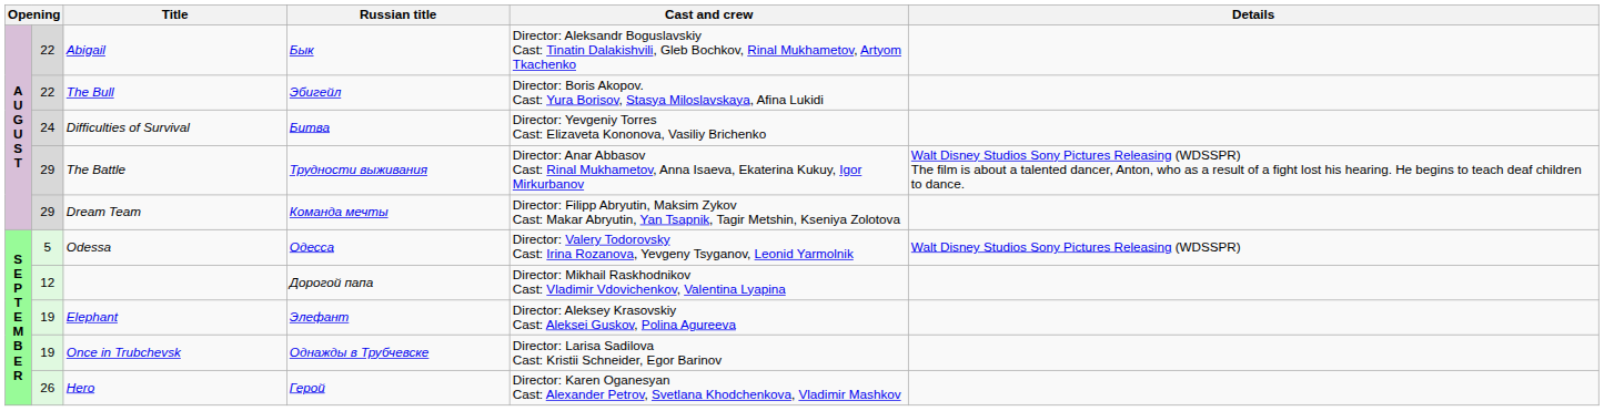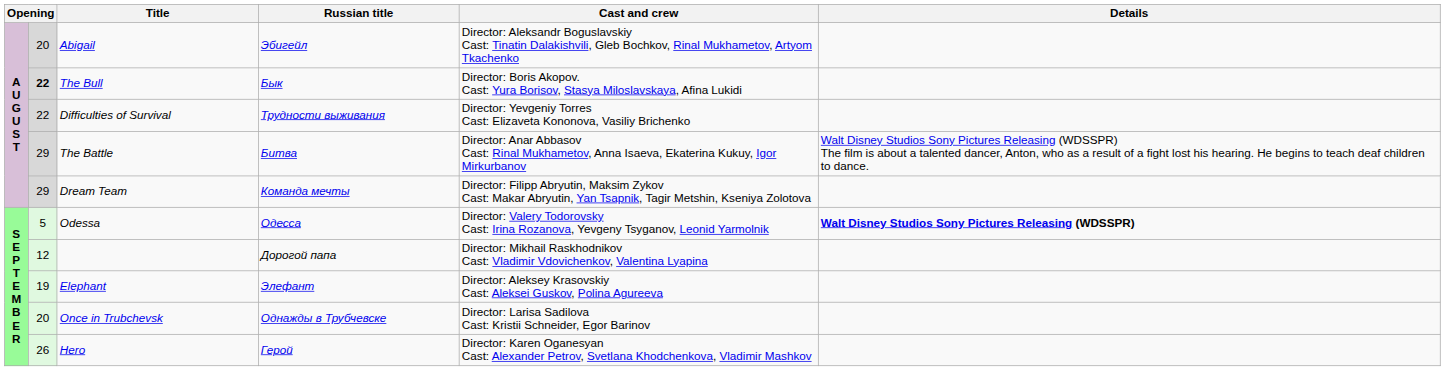 <table class="wikitable">
 <tr>
 <th colspan="2">Opening</th>
 <th style="width:14%;">Title</th>
 <th style="width:14%;">Russian title</th>
 <th style="width:25%;">Cast and crew</th>
 <th>Details</th>
 </tr>
 <tr>
 <th rowspan="5" align="center" style="background:thistle; textcolor:#000;">A<br>U<br>G<br>U<br>S<br>T</th>
-<td align="center" style="background:#d8d8d8;">22</td>
+<td align="center" style="background:#d8d8d8;">20</td>
 <td><em><a href='#'>Abigail</a></em></td>
-<td><em><a href='#'>Бык</a></em></td>
+<td><em><a href='#'>Эбигейл</a></em></td>
 <td>Director: Aleksandr Boguslavskiy <br> Cast: <a href='#'>Tinatin Dalakishvili</a>, Gleb Bochkov, <a href='#'>Rinal Mukhametov</a>, <a href='#'>Artyom Tkachenko</a></td>
 <td> </td>
 </tr>
 <tr>
-<td align="center" style="background:#d8d8d8;">22</td>
+<td align="center" style="background:#d8d8d8;"><strong>22</strong></td>
 <td><em><a href='#'>The Bull</a></em></td>
-<td><em><a href='#'>Эбигейл</a></em></td>
+<td><em><a href='#'>Бык</a></em></td>
 <td>Director: Boris Akopov. <br> Cast: <a href='#'>Yura Borisov</a>, <a href='#'>Stasya Miloslavskaya</a>, Afina Lukidi</td>
 <td></td>
 </tr>
 <tr>
-<td align="center" style="background:#d8d8d8;">24</td>
+<td align="center" style="background:#d8d8d8;">22</td>
 <td><em>Difficulties of Survival</em></td>
-<td><em><a href='#'>Битва</a></em></td>
+<td><em><a href='#'>Трудности выживания</a></em></td>
 <td>Director: Yevgeniy Torres <br> Cast: Elizaveta Kononova, Vasiliy Brichenko</td>
 <td></td>
 </tr>
 <tr>
 <td align="center" style="background:#d8d8d8;">29</td>
 <td><em>The Battle</em></td>
-<td><em><a href='#'>Трудности выживания</a></em></td>
+<td><em><a href='#'>Битва</a></em></td>
 <td>Director: Anar Abbasov <br> Cast: <a href='#'>Rinal Mukhametov</a>, Anna Isaeva, Ekaterina Kukuy, <a href='#'>Igor Mirkurbanov</a></td>
 <td><a href='#'>Walt Disney Studios Sony Pictures Releasing</a> (WDSSPR) <br> The film is about a talented dancer, Anton, who as a result of a fight lost his hearing. He begins to teach deaf children to dance.</td>
 </tr>
 <tr>
 <td align="center" style="background:#d8d8d8;">29</td>
 <td><em>Dream Team</em></td>
 <td><em><a href='#'>Команда мечты</a></em></td>
 <td>Director: Filipp Abryutin, Maksim Zykov <br> Cast: Makar Abryutin, <a href='#'>Yan Tsapnik</a>, Tagir Metshin, Kseniya Zolotova</td>
 <td></td>
 </tr>
 <tr>
 <th rowspan="5" align="center" style="background:#98fb98; textcolor:#000;">S<br>E<br>P<br>T<br>E<br>M<br>B<br>E<br>R</th>
 <td align="center" style="background:#e0f9e0;">5</td>
 <td><em>Odessa</em></td>
 <td><em><a href='#'>Одесса</a></em></td>
 <td>Director: <a href='#'>Valery Todorovsky</a> <br> Cast: <a href='#'>Irina Rozanova</a>, Yevgeny Tsyganov, <a href='#'>Leonid Yarmolnik</a></td>
-<td><a href='#'>Walt Disney Studios Sony Pictures Releasing</a> (WDSSPR)</td>
+<td><strong><a href='#'>Walt Disney Studios Sony Pictures Releasing</a> (WDSSPR)</strong></td>
 </tr>
 <tr>
 <td align="center" style="background:#e0f9e0;">12</td>
 <td></td>
 <td><em>Дорогой папа</em></td>
 <td>Director: Mikhail Raskhodnikov <br> Cast: <a href='#'>Vladimir Vdovichenkov</a>, <a href='#'>Valentina Lyapina</a></td>
 <td></td>
 </tr>
 <tr>
 <td align="center" style="background:#e0f9e0;">19</td>
 <td><em><a href='#'>Elephant</a></em></td>
 <td><em><a href='#'>Элефант</a></em></td>
 <td>Director: Aleksey Krasovskiy <br> Cast: <a href='#'>Aleksei Guskov</a>, <a href='#'>Polina Agureeva</a></td>
 <td></td>
 </tr>
 <tr>
-<td align="center" style="background:#e0f9e0;">19</td>
+<td align="center" style="background:#e0f9e0;">20</td>
 <td><em><a href='#'>Once in Trubchevsk</a></em></td>
 <td><em><a href='#'>Однажды в Трубчевске</a></em></td>
 <td>Director: Larisa Sadilova <br> Cast: Kristii Schneider, Egor Barinov</td>
 <td></td>
 </tr>
 <tr>
 <td align="center" style="background:#e0f9e0;">26</td>
 <td><em><a href='#'>Hero</a></em></td>
 <td><em><a href='#'>Герой</a></em></td>
 <td>Director: Karen Oganesyan <br> Cast: <a href='#'>Alexander Petrov</a>, <a href='#'>Svetlana Khodchenkova</a>, <a href='#'>Vladimir Mashkov</a></td>
 <td></td>
 </tr>
 </table>
